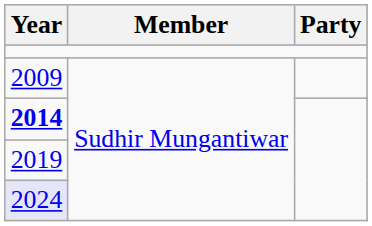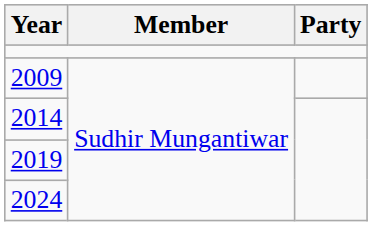 <table class=wikitable>
 <tr>
 <th>Year</th>
 <th>Member</th>
 <th colspan=2>Party</th>
 </tr>
 <tr>
 <td colspan="4"></td>
 </tr>
 <tr>
 <td><a href='#'>2009</a></td>
 <td rowspan="4"><a href='#'>Sudhir Mungantiwar</a></td>
 <td></td>
 </tr>
 <tr>
-<td><strong><a href='#'>2014</a></strong></td>
+<td><a href='#'>2014</a></td>
 </tr>
 <tr>
 <td><a href='#'>2019</a></td>
 </tr>
 <tr>
-<td style="background: lavender;"><a href='#'>2024</a></td>
+<td><a href='#'>2024</a></td>
 </tr>
 </table>
